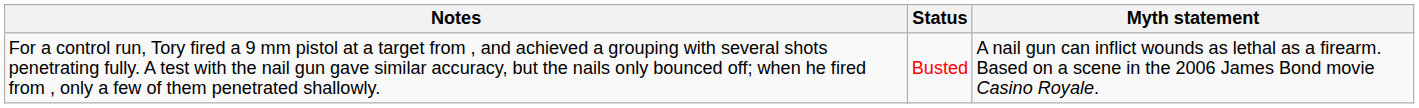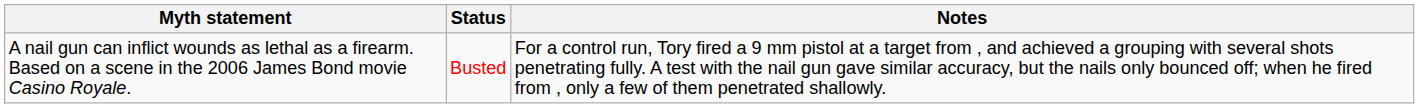 <table class="wikitable plainrowheaders">
 <tr>
+<th>Myth statement</th>
+<th>Status</th>
 <th>Notes</th>
-<th>Status</th>
-<th>Myth statement</th>
 </tr>
 <tr>
+<td>A nail gun can inflict wounds as lethal as a firearm. Based on a scene in the 2006 James Bond movie <em>Casino Royale</em>.</td>
+<td style="color:red">Busted</td>
 <td>For a control run, Tory fired a 9 mm pistol at a target from , and achieved a  grouping with several shots penetrating fully. A test with the nail gun gave similar accuracy, but the nails only bounced off; when he fired from , only a few of them penetrated shallowly.</td>
-<td style="color:red">Busted</td>
-<td>A nail gun can inflict wounds as lethal as a firearm. Based on a scene in the 2006 James Bond movie <em>Casino Royale</em>.</td>
 </tr>
 </table>
